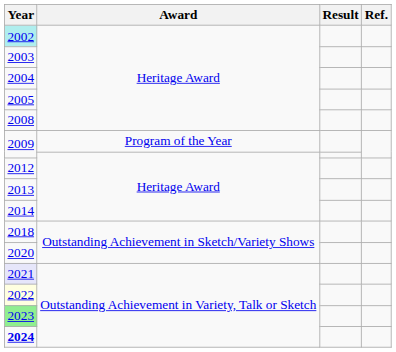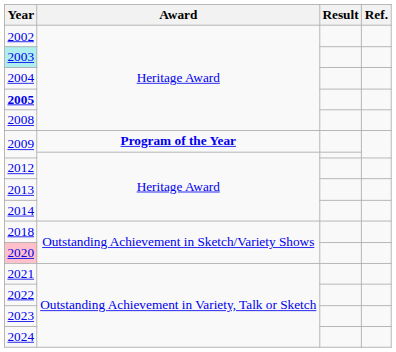 <table class="wikitable">
 <tr>
 <th>Year</th>
 <th>Award</th>
 <th>Result</th>
 <th>Ref.</th>
 </tr>
 <tr>
-<td style="background: paleturquoise;"><a href='#'>2002</a></td>
+<td><a href='#'>2002</a></td>
 <td align="center" rowspan="5"><a href='#'>Heritage Award</a></td>
 <td></td>
 <td align="center"></td>
 </tr>
 <tr>
-<td><a href='#'>2003</a></td>
+<td style="background: paleturquoise;"><a href='#'>2003</a></td>
 <td></td>
 <td align="center"></td>
 </tr>
 <tr>
 <td><a href='#'>2004</a></td>
 <td></td>
 <td align="center"></td>
 </tr>
 <tr>
-<td><a href='#'>2005</a></td>
+<td><strong><a href='#'>2005</a></strong></td>
 <td></td>
 <td align="center"></td>
 </tr>
 <tr>
 <td><a href='#'>2008</a></td>
 <td></td>
 <td align="center"></td>
 </tr>
 <tr>
 <td rowspan="2"><a href='#'>2009</a></td>
-<td align="center"><a href='#'>Program of the Year</a></td>
+<td align="center"><strong><a href='#'>Program of the Year</a></strong></td>
 <td></td>
 <td rowspan="2" align="center"></td>
 </tr>
 <tr>
 <td align="center" rowspan="4"><a href='#'>Heritage Award</a></td>
 <td></td>
 </tr>
 <tr>
 <td><a href='#'>2012</a></td>
 <td></td>
 <td align="center"></td>
 </tr>
 <tr>
 <td><a href='#'>2013</a></td>
 <td></td>
 <td align="center"></td>
 </tr>
 <tr>
 <td><a href='#'>2014</a></td>
 <td></td>
 <td align="center"></td>
 </tr>
 <tr>
 <td><a href='#'>2018</a></td>
 <td align="center" rowspan="2"><a href='#'>Outstanding Achievement in Sketch/Variety Shows</a></td>
 <td></td>
 <td align="center"></td>
 </tr>
 <tr>
-<td><a href='#'>2020</a></td>
+<td style="background: pink;"><a href='#'>2020</a></td>
 <td></td>
 <td align="center"></td>
 </tr>
 <tr>
-<td style="background: lavender;"><a href='#'>2021</a></td>
+<td><a href='#'>2021</a></td>
 <td align="center" rowspan="4"><a href='#'>Outstanding Achievement in Variety, Talk or Sketch</a></td>
 <td></td>
 <td align="center"></td>
 </tr>
 <tr>
-<td style="background: lightyellow;"><a href='#'>2022</a></td>
+<td><a href='#'>2022</a></td>
 <td></td>
 <td align="center"></td>
 </tr>
 <tr>
-<td style="background: lightgreen;"><a href='#'>2023</a></td>
+<td><a href='#'>2023</a></td>
 <td></td>
 <td align="center"></td>
 </tr>
 <tr>
-<td><strong><a href='#'>2024</a></strong></td>
+<td><a href='#'>2024</a></td>
 <td></td>
 <td align="center"></td>
 </tr>
 </table>
